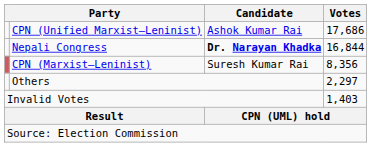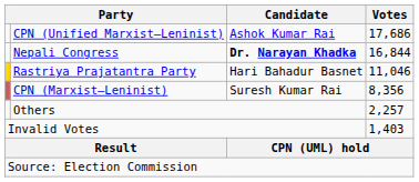 <table class="wikitable">
 <tr>
 <th colspan="2">Party</th>
 <th>Candidate</th>
 <th>Votes</th>
 </tr>
 <tr>
 <td style="background-color:"></td>
 <td><a href='#'>CPN (Unified Marxist–Leninist)</a></td>
 <td><a href='#'>Ashok Kumar Rai</a></td>
 <td>17,686</td>
 </tr>
 <tr>
 <td style="background-color:"></td>
 <td><a href='#'>Nepali Congress</a></td>
 <td><strong>Dr. <a href='#'>Narayan Khadka</a></strong></td>
 <td>16,844</td>
 </tr>
 <tr>
+<td style="background-color:gold"></td>
+<td><a href='#'>Rastriya Prajatantra Party</a></td>
+<td>Hari Bahadur Basnet</td>
+<td>11,046</td>
+</tr>
+<tr>
 <td style="background-color:indianred"></td>
 <td><a href='#'>CPN (Marxist–Leninist)</a></td>
 <td>Suresh Kumar Rai</td>
 <td>8,356</td>
 </tr>
 <tr>
 <td></td>
 <td colspan="2">Others</td>
-<td>2,297</td>
+<td>2,257</td>
 </tr>
 <tr>
 <td colspan="3">Invalid Votes</td>
 <td>1,403</td>
 </tr>
 <tr>
 <th colspan="2">Result</th>
 <th colspan="2">CPN (UML) hold</th>
 </tr>
 <tr>
 <td colspan="4">Source: Election Commission</td>
 </tr>
 </table>
